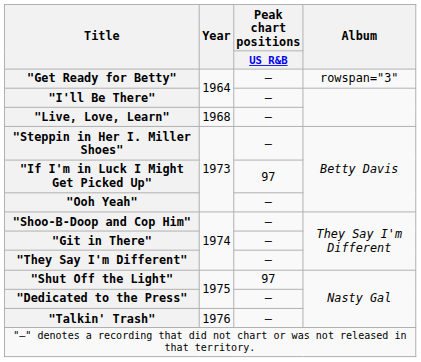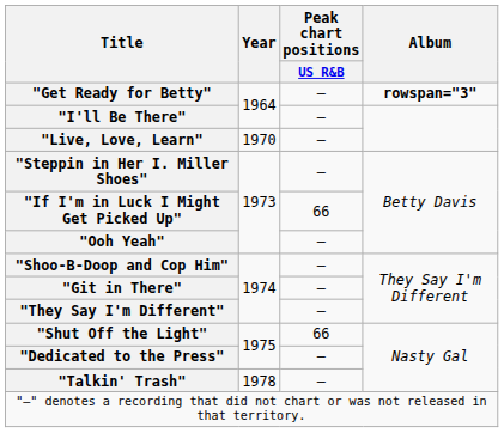 <table class="wikitable plainrowheaders" style="text-align:center;">
 <tr>
 <th scope="col" rowspan="2" style="width:16em;">Title</th>
 <th scope="col" rowspan="2" style="width:1em;">Year</th>
 <th scope="col" colspan="1">Peak chart positions</th>
 <th scope="col" rowspan="2" style="width:9em;">Album</th>
 </tr>
 <tr>
 <th scope="col" style="width:2.5em; font-size:90%;"><a href='#'>US R&B</a><br></th>
 </tr>
 <tr>
 <th scope="row">"Get Ready for Betty"</th>
 <td rowspan="2">1964</td>
 <td>—</td>
-<td>rowspan="3" </td>
+<td><strong>rowspan="3" </strong></td>
 </tr>
 <tr>
 <th scope="row">"I'll Be There"</th>
 <td>—</td>
 </tr>
 <tr>
 <th scope="row">"Live, Love, Learn"</th>
-<td>1968</td>
+<td>1970</td>
 <td>—</td>
 </tr>
 <tr>
 <th scope="row">"Steppin in Her I. Miller Shoes"</th>
 <td rowspan="3">1973</td>
 <td>—</td>
 <td rowspan="3"><em>Betty Davis</em></td>
 </tr>
 <tr>
 <th scope="row">"If I'm in Luck I Might Get Picked Up"</th>
-<td>97</td>
+<td>66</td>
 </tr>
 <tr>
 <th scope="row">"Ooh Yeah"</th>
 <td>—</td>
 </tr>
 <tr>
 <th scope="row">"Shoo-B-Doop and Cop Him"</th>
 <td rowspan="3">1974</td>
 <td>—</td>
 <td rowspan="3"><em>They Say I'm Different</em></td>
 </tr>
 <tr>
 <th scope="row">"Git in There"</th>
 <td>—</td>
 </tr>
 <tr>
 <th scope="row">"They Say I'm Different"</th>
 <td>—</td>
 </tr>
 <tr>
 <th scope="row">"Shut Off the Light"</th>
 <td rowspan="2">1975</td>
-<td>97</td>
+<td>66</td>
 <td rowspan="3"><em>Nasty Gal</em></td>
 </tr>
 <tr>
 <th scope="row">"Dedicated to the Press"</th>
 <td>—</td>
 </tr>
 <tr>
 <th scope="row">"Talkin' Trash"</th>
-<td>1976</td>
+<td>1978</td>
 <td>—</td>
 </tr>
 <tr>
 <td colspan="14" style="font-size:85%">"—" denotes a recording that did not chart or was not released in that territory.</td>
 </tr>
 </table>
